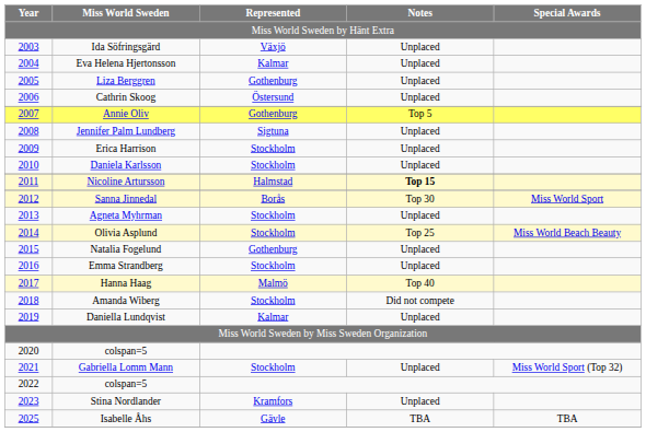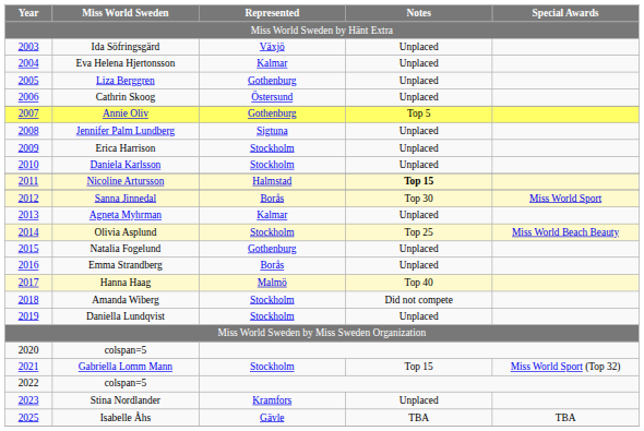 <table class="wikitable sortable" style="font-size: 90%; text-align:center">
 <tr>
 <th width="60" style="background-color:#787878;color:#FFFFFF;">Year</th>
 <th width="200" style="background-color:#787878;color:#FFFFFF;">Miss World Sweden</th>
 <th width="200" style="background-color:#787878;color:#FFFFFF;">Represented</th>
 <th width="200" style="background-color:#787878;color:#FFFFFF;">Notes</th>
 <th width="200" style="background-color:#787878;color:#FFFFFF;">Special Awards</th>
 </tr>
 <tr style="background-color:#787878;color:#FFFFFF;">
 <td colspan="5" align="center">Miss World Sweden by Hänt Extra</td>
 </tr>
 <tr>
 <td><a href='#'>2003</a></td>
 <td>Ida Söfringsgärd</td>
 <td><a href='#'>Växjö</a></td>
 <td>Unplaced</td>
 <td></td>
 </tr>
 <tr>
 <td><a href='#'>2004</a></td>
 <td>Eva Helena Hjertonsson</td>
 <td><a href='#'>Kalmar</a></td>
 <td>Unplaced</td>
 <td></td>
 </tr>
 <tr>
 <td><a href='#'>2005</a></td>
 <td><a href='#'>Liza Berggren</a></td>
 <td><a href='#'>Gothenburg</a></td>
 <td>Unplaced</td>
 <td></td>
 </tr>
 <tr>
 <td><a href='#'>2006</a></td>
 <td>Cathrin Skoog</td>
 <td><a href='#'>Östersund</a></td>
 <td>Unplaced</td>
 <td></td>
 </tr>
 <tr>
 </tr>
 <tr style="background-color:#FFFF66;">
 <td><a href='#'>2007</a></td>
 <td><a href='#'>Annie Oliv</a></td>
 <td><a href='#'>Gothenburg</a></td>
 <td>Top 5</td>
 <td></td>
 </tr>
 <tr>
 <td><a href='#'>2008</a></td>
 <td><a href='#'>Jennifer Palm Lundberg</a></td>
 <td><a href='#'>Sigtuna</a></td>
 <td>Unplaced</td>
 <td></td>
 </tr>
 <tr>
 <td><a href='#'>2009</a></td>
 <td>Erica Harrison</td>
 <td><a href='#'>Stockholm</a></td>
 <td>Unplaced</td>
 <td></td>
 </tr>
 <tr>
 <td><a href='#'>2010</a></td>
 <td><a href='#'>Daniela Karlsson</a></td>
 <td><a href='#'>Stockholm</a></td>
 <td>Unplaced</td>
 <td></td>
 </tr>
 <tr>
 </tr>
 <tr style="background-color:#FFFACD;">
 <td><a href='#'>2011</a></td>
 <td><a href='#'>Nicoline Artursson</a></td>
 <td><a href='#'>Halmstad</a></td>
 <td><strong>Top 15</strong></td>
 <td></td>
 </tr>
 <tr>
 </tr>
 <tr style="background-color:#FFFACD;">
 <td><a href='#'>2012</a></td>
 <td><a href='#'>Sanna Jinnedal</a></td>
 <td><a href='#'>Borås</a></td>
 <td>Top 30</td>
 <td><a href='#'>Miss World Sport</a></td>
 </tr>
 <tr>
 <td><a href='#'>2013</a></td>
 <td><a href='#'>Agneta Myhrman</a></td>
-<td><a href='#'>Stockholm</a></td>
+<td><a href='#'>Kalmar</a></td>
 <td>Unplaced</td>
 <td></td>
 </tr>
 <tr style="background-color:#FFFACD;">
 <td><a href='#'>2014</a></td>
 <td>Olivia Asplund</td>
 <td><a href='#'>Stockholm</a></td>
 <td>Top 25</td>
 <td><a href='#'>Miss World Beach Beauty</a></td>
 </tr>
 <tr>
 <td><a href='#'>2015</a></td>
 <td>Natalia Fogelund</td>
 <td><a href='#'>Gothenburg</a></td>
 <td>Unplaced</td>
 <td></td>
 </tr>
 <tr>
 <td><a href='#'>2016</a></td>
 <td>Emma Strandberg</td>
-<td><a href='#'>Stockholm</a></td>
+<td><a href='#'>Borås</a></td>
 <td>Unplaced</td>
 <td></td>
 </tr>
 <tr style="background-color:#FFFACD;">
 <td><a href='#'>2017</a></td>
 <td>Hanna Haag</td>
 <td><a href='#'>Malmö</a></td>
 <td>Top 40</td>
 <td></td>
 </tr>
 <tr>
 <td><a href='#'>2018</a></td>
 <td>Amanda Wiberg</td>
 <td><a href='#'>Stockholm</a></td>
 <td>Did not compete</td>
 <td></td>
 </tr>
 <tr>
 <td><a href='#'>2019</a></td>
 <td>Daniella Lundqvist</td>
-<td><a href='#'>Kalmar</a></td>
+<td><a href='#'>Stockholm</a></td>
 <td>Unplaced</td>
 <td></td>
 </tr>
 <tr style="background-color:#787878;color:#FFFFFF;">
 <td colspan="5" align="center">Miss World Sweden by Miss Sweden Organization</td>
 </tr>
 <tr>
 <td>2020</td>
 <td>colspan=5 </td>
 </tr>
 <tr>
 <td><a href='#'>2021</a></td>
 <td><a href='#'>Gabriella Lomm Mann</a></td>
 <td><a href='#'>Stockholm</a></td>
-<td>Unplaced</td>
+<td>Top 15</td>
 <td><a href='#'>Miss World Sport</a> (Top 32)</td>
 </tr>
 <tr>
 <td>2022</td>
 <td>colspan=5 </td>
 </tr>
 <tr>
 <td><a href='#'>2023</a></td>
 <td>Stina Nordlander</td>
 <td><a href='#'>Kramfors</a></td>
 <td>Unplaced</td>
 <td></td>
 </tr>
 <tr>
 <td><a href='#'>2025</a></td>
 <td>Isabelle Åhs</td>
 <td><a href='#'>Gävle</a></td>
 <td>TBA</td>
 <td>TBA</td>
 </tr>
 <tr>
 </tr>
 </table>
